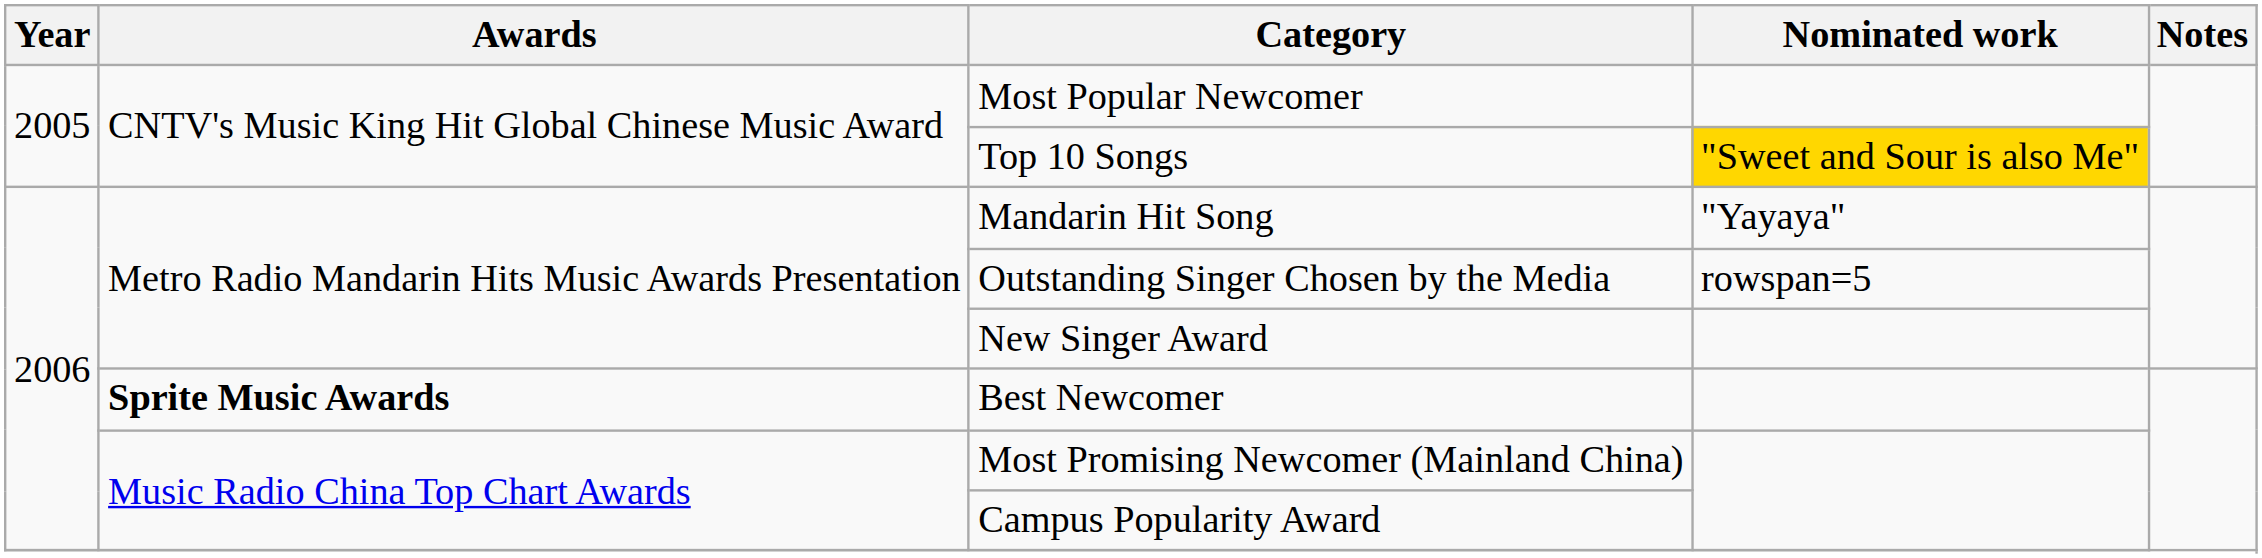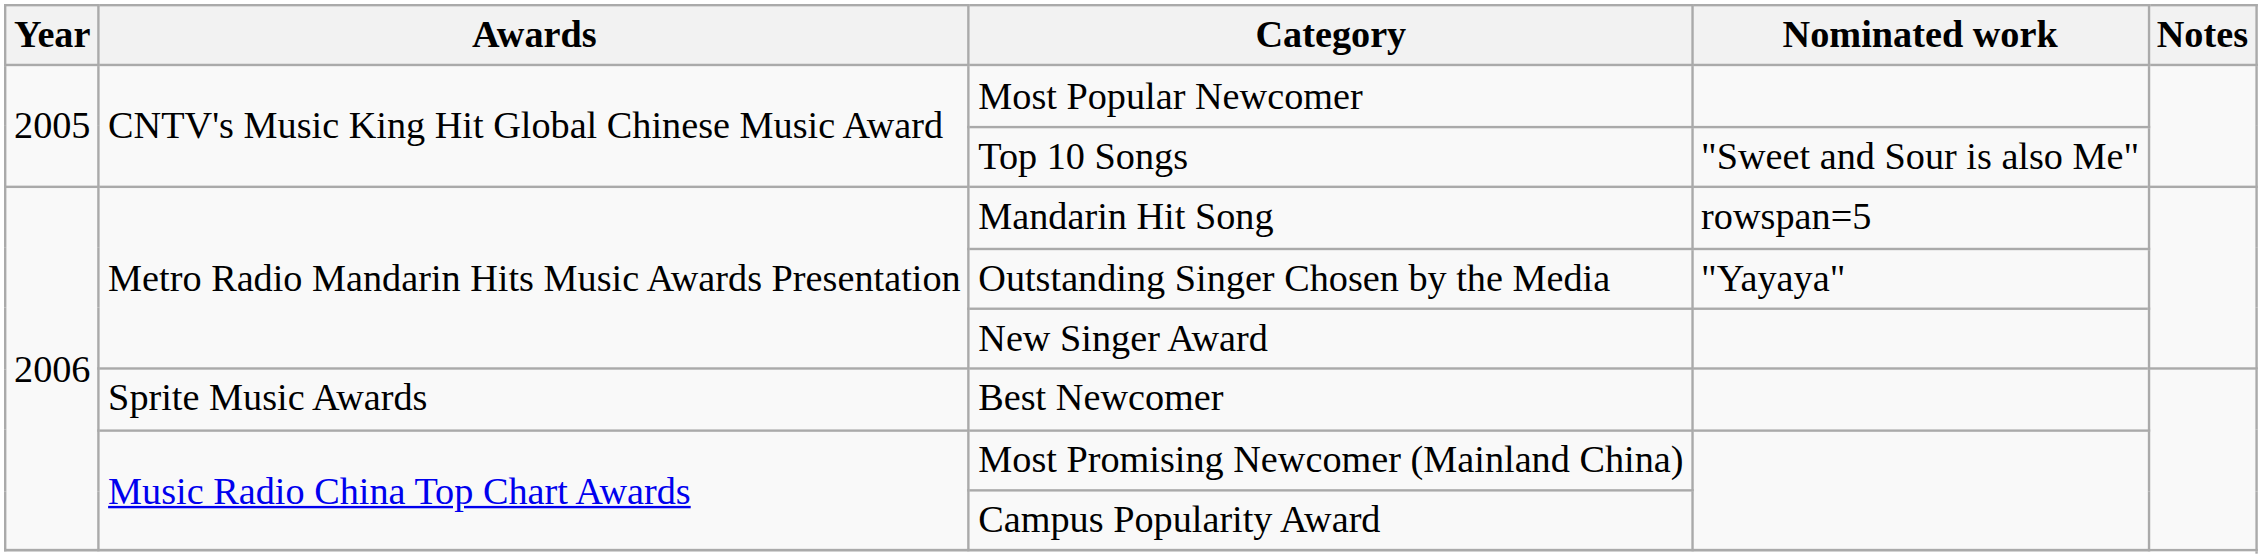 <table class="wikitable sortable">
 <tr>
 <th>Year</th>
 <th>Awards</th>
 <th>Category</th>
 <th>Nominated work</th>
 <th class="unsortable">Notes</th>
 </tr>
 <tr>
 <td rowspan=2>2005</td>
 <td rowspan=2>CNTV's Music King Hit Global Chinese Music Award</td>
 <td>Most Popular Newcomer</td>
 <td></td>
 <td rowspan=2></td>
 </tr>
 <tr>
 <td>Top 10 Songs</td>
-<td style="background: gold;">"Sweet and Sour is also Me"</td>
+<td>"Sweet and Sour is also Me"</td>
 </tr>
 <tr>
 <td rowspan=6>2006</td>
 <td rowspan=3>Metro Radio Mandarin Hits Music Awards Presentation</td>
 <td>Mandarin Hit Song</td>
-<td>"Yayaya"</td>
+<td>rowspan=5 </td>
 <td rowspan=3></td>
 </tr>
 <tr>
 <td>Outstanding Singer Chosen by the Media</td>
-<td>rowspan=5 </td>
+<td>"Yayaya"</td>
 </tr>
 <tr>
 <td>New Singer Award</td>
 </tr>
 <tr>
-<td><strong>Sprite Music Awards</strong></td>
+<td>Sprite Music Awards</td>
 <td>Best Newcomer</td>
 <td></td>
 </tr>
 <tr>
 <td rowspan=2><a href='#'>Music Radio China Top Chart Awards</a></td>
 <td>Most Promising Newcomer (Mainland China)</td>
 <td rowspan=2></td>
 </tr>
 <tr>
 <td>Campus Popularity Award</td>
 </tr>
 <tr>
 </tr>
 </table>
